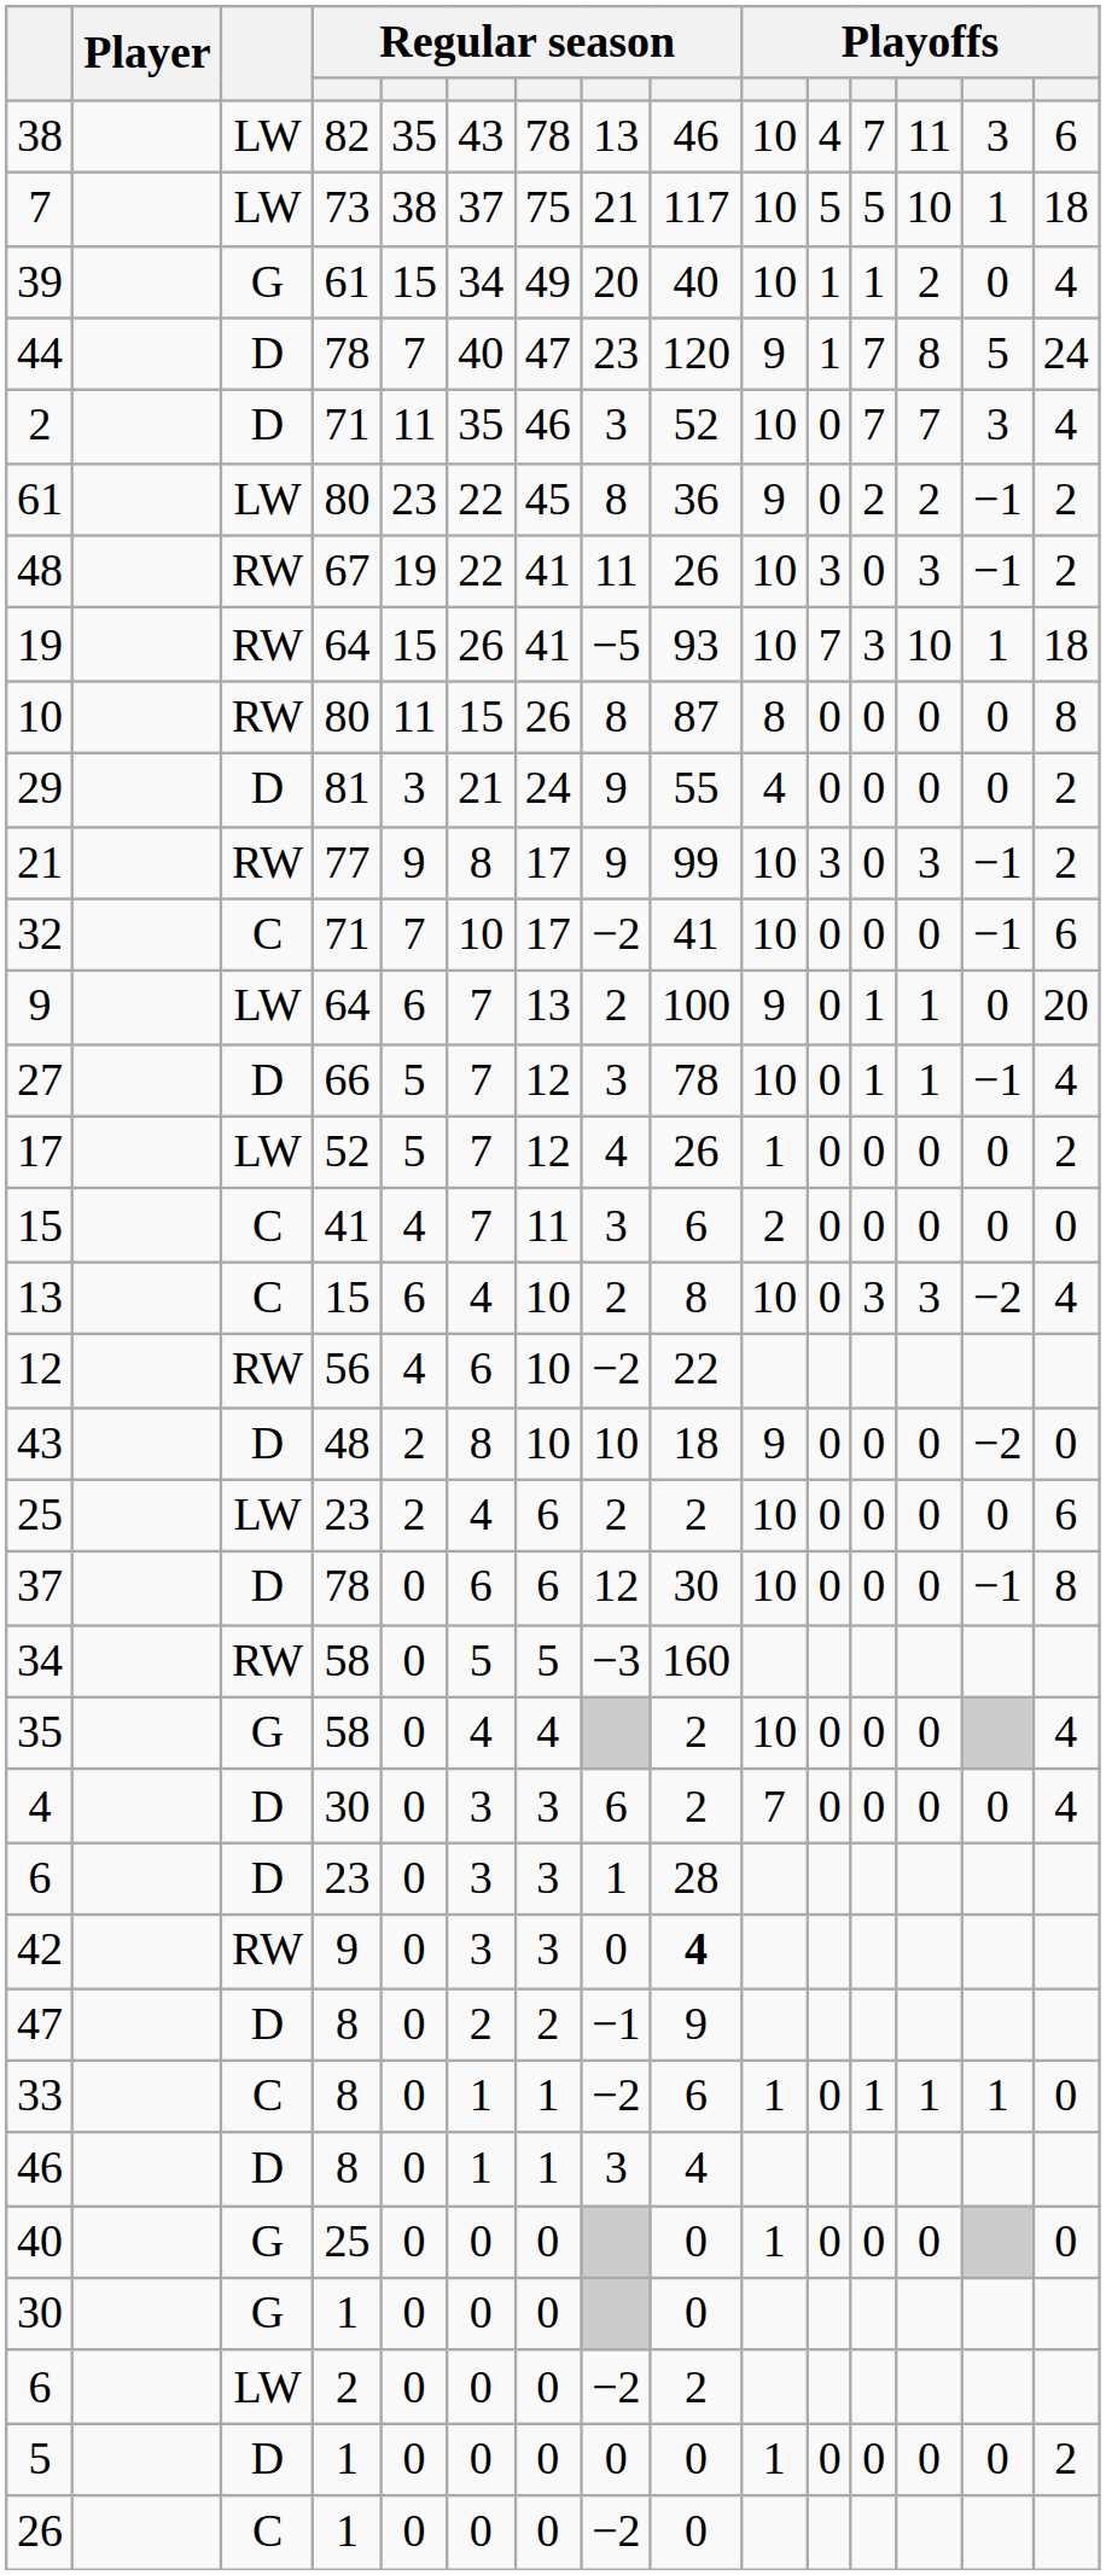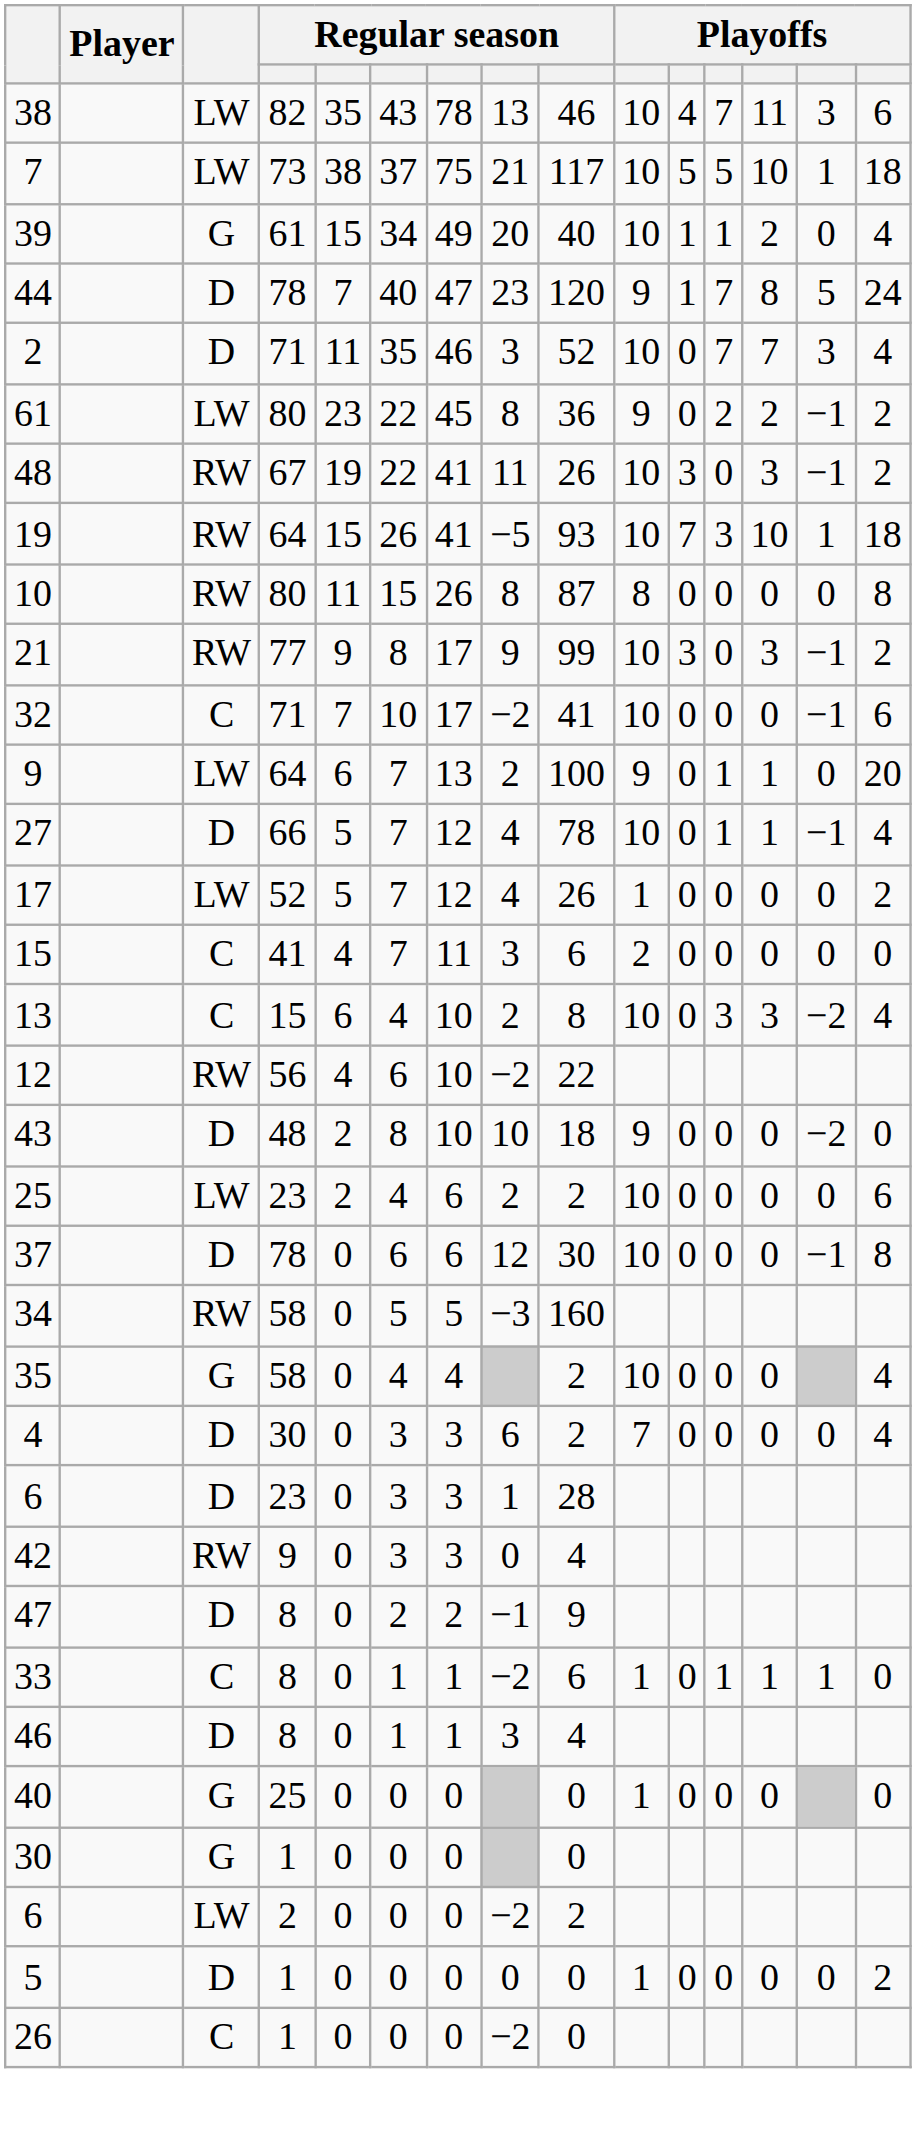 <table class="wikitable sortable plainrowheaders" style="text-align:center;">
 <tr>
 <th scope="col" data-sort-type="number" rowspan="2"></th>
 <th scope="col" rowspan="2">Player</th>
 <th scope="col" rowspan="2"></th>
 <th scope=colgroup colspan=6>Regular season</th>
 <th scope=colgroup colspan=6>Playoffs</th>
 </tr>
 <tr>
 <th scope="col" data-sort-type="number"></th>
 <th scope="col" data-sort-type="number"></th>
 <th scope="col" data-sort-type="number"></th>
 <th scope="col" data-sort-type="number"></th>
 <th scope="col" data-sort-type="number"></th>
 <th scope="col" data-sort-type="number"></th>
 <th scope="col" data-sort-type="number"></th>
 <th scope="col" data-sort-type="number"></th>
 <th scope="col" data-sort-type="number"></th>
 <th scope="col" data-sort-type="number"></th>
 <th scope="col" data-sort-type="number"></th>
 <th scope="col" data-sort-type="number"></th>
 </tr>
 <tr>
 <td scope="row">38</td>
 <td align="left"></td>
 <td>LW</td>
 <td>82</td>
 <td>35</td>
 <td>43</td>
 <td>78</td>
 <td>13</td>
 <td>46</td>
 <td>10</td>
 <td>4</td>
 <td>7</td>
 <td>11</td>
 <td>3</td>
 <td>6</td>
 </tr>
 <tr>
 <td scope="row">7</td>
 <td align="left"></td>
 <td>LW</td>
 <td>73</td>
 <td>38</td>
 <td>37</td>
 <td>75</td>
 <td>21</td>
 <td>117</td>
 <td>10</td>
 <td>5</td>
 <td>5</td>
 <td>10</td>
 <td>1</td>
 <td>18</td>
 </tr>
 <tr>
 <td scope="row">39</td>
 <td align="left"></td>
 <td>G</td>
 <td>61</td>
 <td>15</td>
 <td>34</td>
 <td>49</td>
 <td>20</td>
 <td>40</td>
 <td>10</td>
 <td>1</td>
 <td>1</td>
 <td>2</td>
 <td>0</td>
 <td>4</td>
 </tr>
 <tr>
 <td scope="row">44</td>
 <td align="left"></td>
 <td>D</td>
 <td>78</td>
 <td>7</td>
 <td>40</td>
 <td>47</td>
 <td>23</td>
 <td>120</td>
 <td>9</td>
 <td>1</td>
 <td>7</td>
 <td>8</td>
 <td>5</td>
 <td>24</td>
 </tr>
 <tr>
 <td scope="row">2</td>
 <td align="left"></td>
 <td>D</td>
 <td>71</td>
 <td>11</td>
 <td>35</td>
 <td>46</td>
 <td>3</td>
 <td>52</td>
 <td>10</td>
 <td>0</td>
 <td>7</td>
 <td>7</td>
 <td>3</td>
 <td>4</td>
 </tr>
 <tr>
 <td scope="row">61</td>
 <td align="left"></td>
 <td>LW</td>
 <td>80</td>
 <td>23</td>
 <td>22</td>
 <td>45</td>
 <td>8</td>
 <td>36</td>
 <td>9</td>
 <td>0</td>
 <td>2</td>
 <td>2</td>
 <td>−1</td>
 <td>2</td>
 </tr>
 <tr>
 <td scope="row">48</td>
 <td align="left"></td>
 <td>RW</td>
 <td>67</td>
 <td>19</td>
 <td>22</td>
 <td>41</td>
 <td>11</td>
 <td>26</td>
 <td>10</td>
 <td>3</td>
 <td>0</td>
 <td>3</td>
 <td>−1</td>
 <td>2</td>
 </tr>
 <tr>
 <td scope="row">19</td>
 <td align="left"></td>
 <td>RW</td>
 <td>64</td>
 <td>15</td>
 <td>26</td>
 <td>41</td>
 <td>−5</td>
 <td>93</td>
 <td>10</td>
 <td>7</td>
 <td>3</td>
 <td>10</td>
 <td>1</td>
 <td>18</td>
 </tr>
 <tr>
 <td scope="row">10</td>
 <td align="left"></td>
 <td>RW</td>
 <td>80</td>
 <td>11</td>
 <td>15</td>
 <td>26</td>
 <td>8</td>
 <td>87</td>
 <td>8</td>
 <td>0</td>
 <td>0</td>
 <td>0</td>
 <td>0</td>
 <td>8</td>
 </tr>
 <tr>
-<td scope="row">29</td>
-<td align="left"></td>
-<td>D</td>
-<td>81</td>
-<td>3</td>
-<td>21</td>
-<td>24</td>
-<td>9</td>
-<td>55</td>
-<td>4</td>
-<td>0</td>
-<td>0</td>
-<td>0</td>
-<td>0</td>
-<td>2</td>
-</tr>
-<tr>
 <td scope="row">21</td>
 <td align="left"></td>
 <td>RW</td>
 <td>77</td>
 <td>9</td>
 <td>8</td>
 <td>17</td>
 <td>9</td>
 <td>99</td>
 <td>10</td>
 <td>3</td>
 <td>0</td>
 <td>3</td>
 <td>−1</td>
 <td>2</td>
 </tr>
 <tr>
 <td scope="row">32</td>
 <td align="left"></td>
 <td>C</td>
 <td>71</td>
 <td>7</td>
 <td>10</td>
 <td>17</td>
 <td>−2</td>
 <td>41</td>
 <td>10</td>
 <td>0</td>
 <td>0</td>
 <td>0</td>
 <td>−1</td>
 <td>6</td>
 </tr>
 <tr>
 <td scope="row">9</td>
 <td align="left"></td>
 <td>LW</td>
 <td>64</td>
 <td>6</td>
 <td>7</td>
 <td>13</td>
 <td>2</td>
 <td>100</td>
 <td>9</td>
 <td>0</td>
 <td>1</td>
 <td>1</td>
 <td>0</td>
 <td>20</td>
 </tr>
 <tr>
 <td scope="row">27</td>
 <td align="left"></td>
 <td>D</td>
 <td>66</td>
 <td>5</td>
 <td>7</td>
 <td>12</td>
-<td>3</td>
+<td>4</td>
 <td>78</td>
 <td>10</td>
 <td>0</td>
 <td>1</td>
 <td>1</td>
 <td>−1</td>
 <td>4</td>
 </tr>
 <tr>
 <td scope="row">17</td>
 <td align="left"></td>
 <td>LW</td>
 <td>52</td>
 <td>5</td>
 <td>7</td>
 <td>12</td>
 <td>4</td>
 <td>26</td>
 <td>1</td>
 <td>0</td>
 <td>0</td>
 <td>0</td>
 <td>0</td>
 <td>2</td>
 </tr>
 <tr>
 <td scope="row">15</td>
 <td align="left"></td>
 <td>C</td>
 <td>41</td>
 <td>4</td>
 <td>7</td>
 <td>11</td>
 <td>3</td>
 <td>6</td>
 <td>2</td>
 <td>0</td>
 <td>0</td>
 <td>0</td>
 <td>0</td>
 <td>0</td>
 </tr>
 <tr>
 <td scope="row">13</td>
 <td align="left"></td>
 <td>C</td>
 <td>15</td>
 <td>6</td>
 <td>4</td>
 <td>10</td>
 <td>2</td>
 <td>8</td>
 <td>10</td>
 <td>0</td>
 <td>3</td>
 <td>3</td>
 <td>−2</td>
 <td>4</td>
 </tr>
 <tr>
 <td scope="row">12</td>
 <td align="left"></td>
 <td>RW</td>
 <td>56</td>
 <td>4</td>
 <td>6</td>
 <td>10</td>
 <td>−2</td>
 <td>22</td>
 <td></td>
 <td></td>
 <td></td>
 <td></td>
 <td></td>
 <td></td>
 </tr>
 <tr>
 <td scope="row">43</td>
 <td align="left"></td>
 <td>D</td>
 <td>48</td>
 <td>2</td>
 <td>8</td>
 <td>10</td>
 <td>10</td>
 <td>18</td>
 <td>9</td>
 <td>0</td>
 <td>0</td>
 <td>0</td>
 <td>−2</td>
 <td>0</td>
 </tr>
 <tr>
 <td scope="row">25</td>
 <td align="left"></td>
 <td>LW</td>
 <td>23</td>
 <td>2</td>
 <td>4</td>
 <td>6</td>
 <td>2</td>
 <td>2</td>
 <td>10</td>
 <td>0</td>
 <td>0</td>
 <td>0</td>
 <td>0</td>
 <td>6</td>
 </tr>
 <tr>
 <td scope="row">37</td>
 <td align="left"></td>
 <td>D</td>
 <td>78</td>
 <td>0</td>
 <td>6</td>
 <td>6</td>
 <td>12</td>
 <td>30</td>
 <td>10</td>
 <td>0</td>
 <td>0</td>
 <td>0</td>
 <td>−1</td>
 <td>8</td>
 </tr>
 <tr>
 <td scope="row">34</td>
 <td align="left"></td>
 <td>RW</td>
 <td>58</td>
 <td>0</td>
 <td>5</td>
 <td>5</td>
 <td>−3</td>
 <td>160</td>
 <td></td>
 <td></td>
 <td></td>
 <td></td>
 <td></td>
 <td></td>
 </tr>
 <tr>
 <td scope="row">35</td>
 <td align="left"></td>
 <td>G</td>
 <td>58</td>
 <td>0</td>
 <td>4</td>
 <td>4</td>
 <td style="background:#ccc"></td>
 <td>2</td>
 <td>10</td>
 <td>0</td>
 <td>0</td>
 <td>0</td>
 <td style="background:#ccc"></td>
 <td>4</td>
 </tr>
 <tr>
 <td scope="row">4</td>
 <td align="left"></td>
 <td>D</td>
 <td>30</td>
 <td>0</td>
 <td>3</td>
 <td>3</td>
 <td>6</td>
 <td>2</td>
 <td>7</td>
 <td>0</td>
 <td>0</td>
 <td>0</td>
 <td>0</td>
 <td>4</td>
 </tr>
 <tr>
 <td scope="row">6</td>
 <td align="left"></td>
 <td>D</td>
 <td>23</td>
 <td>0</td>
 <td>3</td>
 <td>3</td>
 <td>1</td>
 <td>28</td>
 <td></td>
 <td></td>
 <td></td>
 <td></td>
 <td></td>
 <td></td>
 </tr>
 <tr>
 <td scope="row">42</td>
 <td align="left"></td>
 <td>RW</td>
 <td>9</td>
 <td>0</td>
 <td>3</td>
 <td>3</td>
 <td>0</td>
-<td><strong>4</strong></td>
+<td>4</td>
 <td></td>
 <td></td>
 <td></td>
 <td></td>
 <td></td>
 <td></td>
 </tr>
 <tr>
 <td scope="row">47</td>
 <td align="left"></td>
 <td>D</td>
 <td>8</td>
 <td>0</td>
 <td>2</td>
 <td>2</td>
 <td>−1</td>
 <td>9</td>
 <td></td>
 <td></td>
 <td></td>
 <td></td>
 <td></td>
 <td></td>
 </tr>
 <tr>
 <td scope="row">33</td>
 <td align="left"></td>
 <td>C</td>
 <td>8</td>
 <td>0</td>
 <td>1</td>
 <td>1</td>
 <td>−2</td>
 <td>6</td>
 <td>1</td>
 <td>0</td>
 <td>1</td>
 <td>1</td>
 <td>1</td>
 <td>0</td>
 </tr>
 <tr>
 <td scope="row">46</td>
 <td align="left"></td>
 <td>D</td>
 <td>8</td>
 <td>0</td>
 <td>1</td>
 <td>1</td>
 <td>3</td>
 <td>4</td>
 <td></td>
 <td></td>
 <td></td>
 <td></td>
 <td></td>
 <td></td>
 </tr>
 <tr>
 <td scope="row">40</td>
 <td align="left"></td>
 <td>G</td>
 <td>25</td>
 <td>0</td>
 <td>0</td>
 <td>0</td>
 <td style="background:#ccc"></td>
 <td>0</td>
 <td>1</td>
 <td>0</td>
 <td>0</td>
 <td>0</td>
 <td style="background:#ccc"></td>
 <td>0</td>
 </tr>
 <tr>
 <td scope="row">30</td>
 <td align="left"></td>
 <td>G</td>
 <td>1</td>
 <td>0</td>
 <td>0</td>
 <td>0</td>
 <td style="background:#ccc"></td>
 <td>0</td>
 <td></td>
 <td></td>
 <td></td>
 <td></td>
 <td></td>
 <td></td>
 </tr>
 <tr>
 <td scope="row">6</td>
 <td align="left"></td>
 <td>LW</td>
 <td>2</td>
 <td>0</td>
 <td>0</td>
 <td>0</td>
 <td>−2</td>
 <td>2</td>
 <td></td>
 <td></td>
 <td></td>
 <td></td>
 <td></td>
 <td></td>
 </tr>
 <tr>
 <td scope="row">5</td>
 <td align="left"></td>
 <td>D</td>
 <td>1</td>
 <td>0</td>
 <td>0</td>
 <td>0</td>
 <td>0</td>
 <td>0</td>
 <td>1</td>
 <td>0</td>
 <td>0</td>
 <td>0</td>
 <td>0</td>
 <td>2</td>
 </tr>
 <tr>
 <td scope="row">26</td>
 <td align="left"></td>
 <td>C</td>
 <td>1</td>
 <td>0</td>
 <td>0</td>
 <td>0</td>
 <td>−2</td>
 <td>0</td>
 <td></td>
 <td></td>
 <td></td>
 <td></td>
 <td></td>
 <td></td>
 </tr>
 </table>
